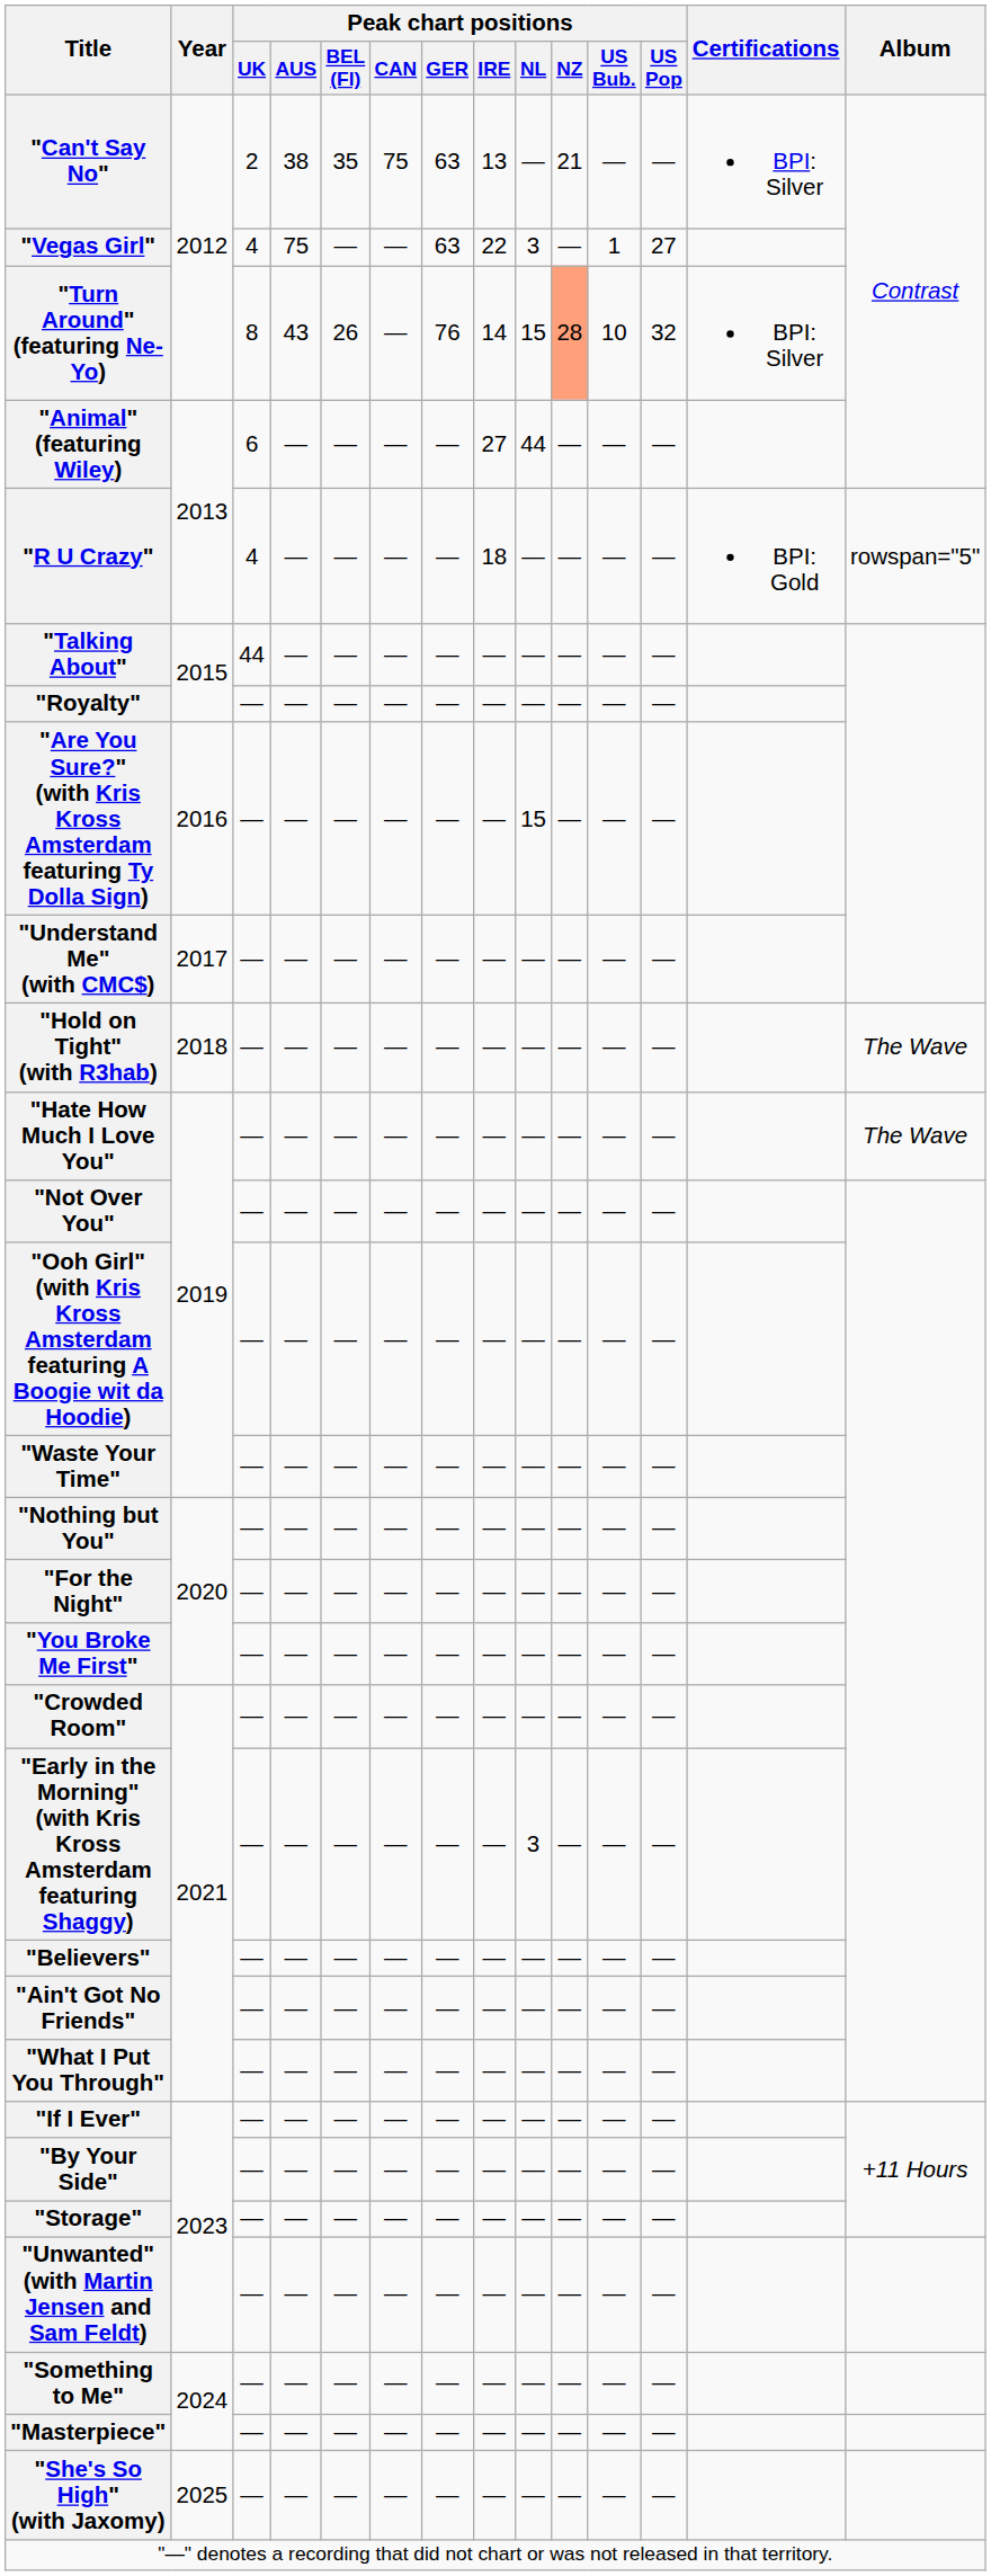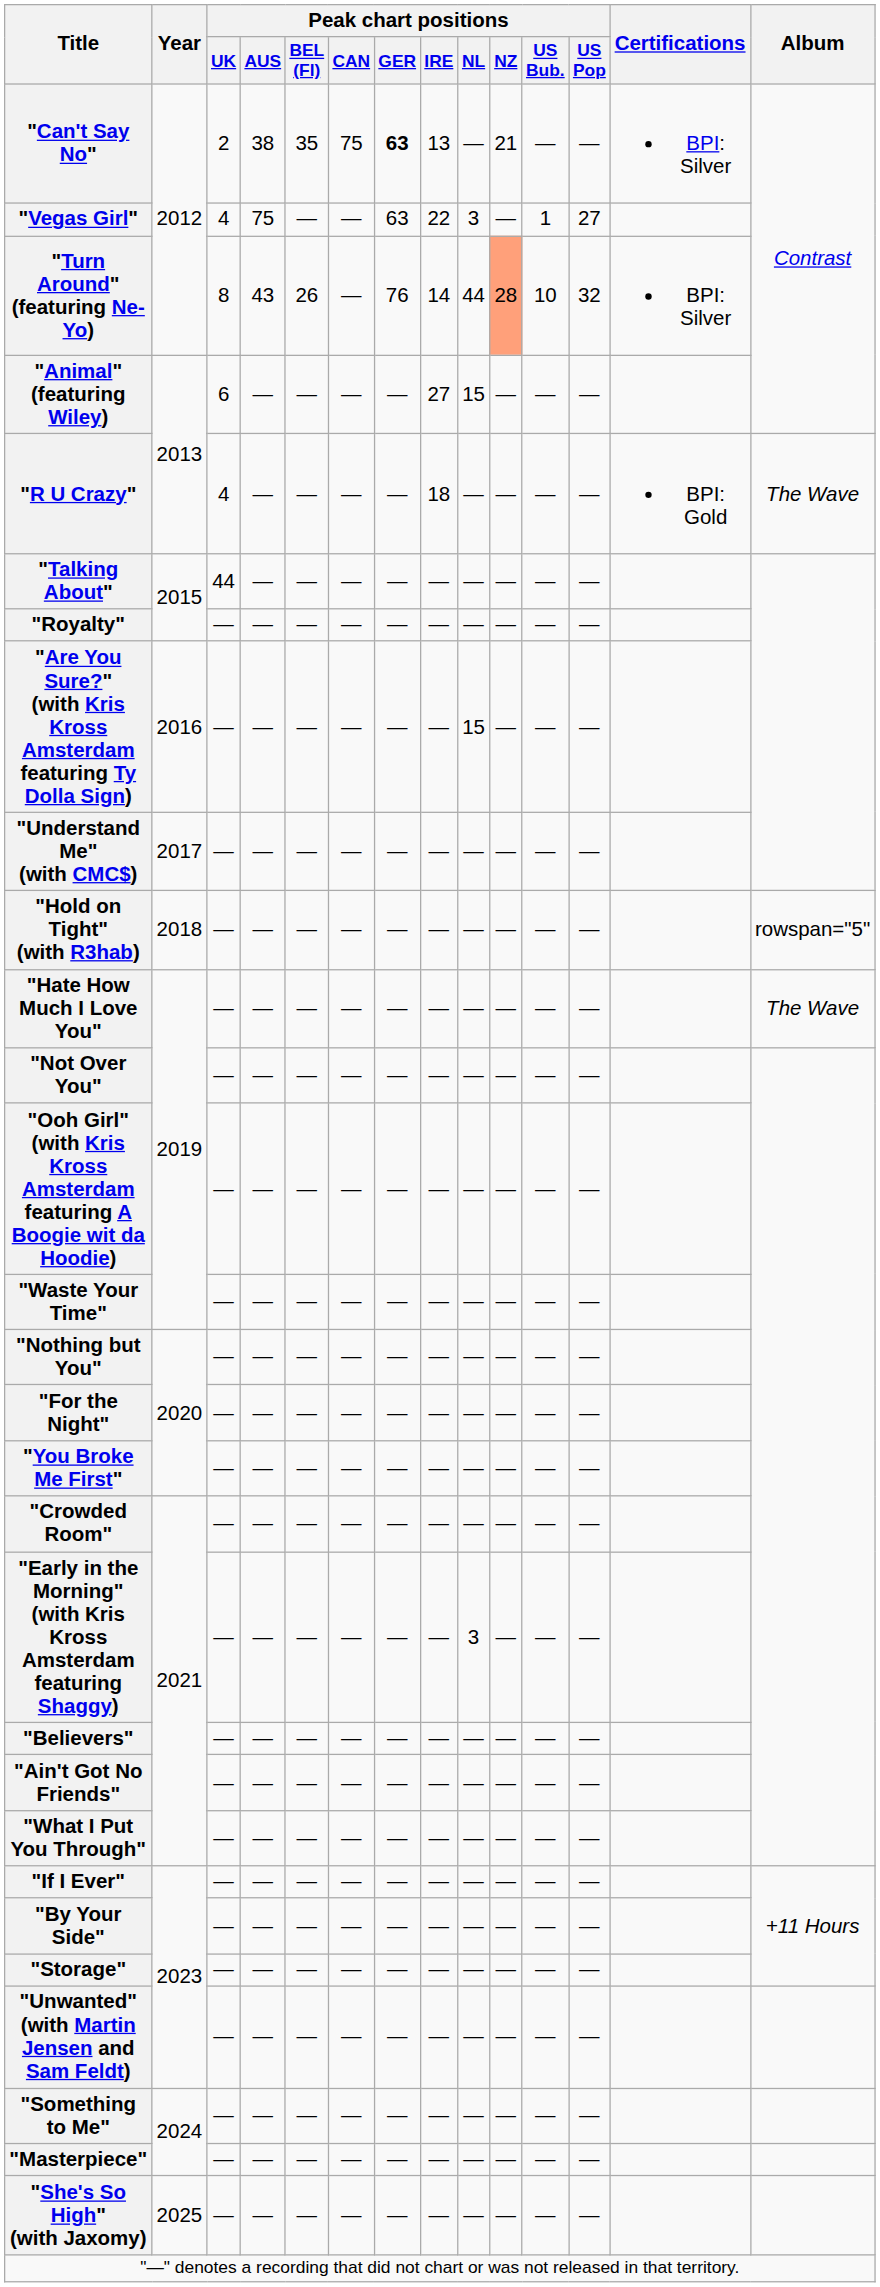 <table class="wikitable plainrowheaders" style="text-align:center;">
 <tr>
 <th scope="col" rowspan="2" style="width:22em;">Title</th>
 <th scope="col" rowspan="2" style="width:1em;">Year</th>
 <th scope="col" colspan="10">Peak chart positions</th>
 <th scope="col" rowspan="2"><a href='#'>Certifications</a></th>
 <th scope="col" rowspan="2">Album</th>
 </tr>
 <tr>
 <th scope="col" style="width:3em;font-size:85%;"><a href='#'>UK</a><br></th>
 <th scope="col" style="width:3em;font-size:85%;"><a href='#'>AUS</a><br></th>
 <th scope="col" style="width:3em;font-size:85%;"><a href='#'>BEL<br>(Fl)</a><br></th>
 <th scope="col" style="width:3em;font-size:85%;"><a href='#'>CAN</a><br></th>
 <th scope="col" style="width:3em;font-size:85%;"><a href='#'>GER</a><br></th>
 <th scope="col" style="width:3em;font-size:85%;"><a href='#'>IRE</a><br></th>
 <th scope="col" style="width:3em;font-size:85%;"><a href='#'>NL</a><br></th>
 <th scope="col" style="width:3em;font-size:85%;"><a href='#'>NZ</a><br></th>
 <th scope="col" style="width:3em;font-size:85%;"><a href='#'>US<br>Bub.</a><br></th>
 <th scope="col" style="width:3em;font-size:85%;"><a href='#'>US<br>Pop</a><br></th>
 </tr>
 <tr>
 <th scope="row">"<a href='#'>Can't Say No</a>"</th>
 <td rowspan="3">2012</td>
 <td>2</td>
 <td>38</td>
 <td>35</td>
 <td>75</td>
-<td>63</td>
+<td><strong>63</strong></td>
 <td>13</td>
 <td>—</td>
 <td>21</td>
 <td>—</td>
 <td>—</td>
 <td><br><ul><li><a href='#'>BPI</a>: Silver</li></ul></td>
 <td rowspan="4"><em><a href='#'>Contrast</a></em></td>
 </tr>
 <tr>
 <th scope="row">"<a href='#'>Vegas Girl</a>"</th>
 <td>4</td>
 <td>75</td>
 <td>—</td>
 <td>—</td>
 <td>63</td>
 <td>22</td>
 <td>3</td>
 <td>—</td>
 <td>1</td>
 <td>27</td>
 <td></td>
 </tr>
 <tr>
 <th scope="row">"<a href='#'>Turn Around</a>"<br><span>(featuring <a href='#'>Ne-Yo</a>)</span></th>
 <td>8</td>
 <td>43</td>
 <td>26</td>
 <td>—</td>
 <td>76</td>
 <td>14</td>
-<td>15</td>
+<td>44</td>
 <td style="background: lightsalmon;">28</td>
 <td>10</td>
 <td>32</td>
 <td><br><ul><li>BPI: Silver</li></ul></td>
 </tr>
 <tr>
 <th scope="row">"<a href='#'>Animal</a>"<br><span>(featuring <a href='#'>Wiley</a>)</span></th>
 <td rowspan="2">2013</td>
 <td>6</td>
 <td>—</td>
 <td>—</td>
 <td>—</td>
 <td>—</td>
 <td>27</td>
-<td>44</td>
+<td>15</td>
 <td>—</td>
 <td>—</td>
 <td>—</td>
 <td></td>
 </tr>
 <tr>
 <th scope="row">"<a href='#'>R U Crazy</a>"</th>
 <td>4</td>
 <td>—</td>
 <td>—</td>
 <td>—</td>
 <td>—</td>
 <td>18</td>
 <td>—</td>
 <td>—</td>
 <td>—</td>
 <td>—</td>
 <td><br><ul><li>BPI: Gold</li></ul></td>
-<td>rowspan="5" </td>
+<td><em>The Wave</em></td>
 </tr>
 <tr>
 <th scope="row">"<a href='#'>Talking About</a>"</th>
 <td rowspan="2">2015</td>
 <td>44</td>
 <td>—</td>
 <td>—</td>
 <td>—</td>
 <td>—</td>
 <td>—</td>
 <td>—</td>
 <td>—</td>
 <td>—</td>
 <td>—</td>
 <td></td>
 </tr>
 <tr>
 <th scope="row">"Royalty"</th>
 <td>—</td>
 <td>—</td>
 <td>—</td>
 <td>—</td>
 <td>—</td>
 <td>—</td>
 <td>—</td>
 <td>—</td>
 <td>—</td>
 <td>—</td>
 <td></td>
 </tr>
 <tr>
 <th scope="row">"<a href='#'>Are You Sure?</a>"<br><span>(with <a href='#'>Kris Kross Amsterdam</a> featuring <a href='#'>Ty Dolla Sign</a>)</span></th>
 <td>2016</td>
 <td>—</td>
 <td>—</td>
 <td>—</td>
 <td>—</td>
 <td>—</td>
 <td>—</td>
 <td>15</td>
 <td>—</td>
 <td>—</td>
 <td>—</td>
 <td></td>
 </tr>
 <tr>
 <th scope="row">"Understand Me"<br><span>(with <a href='#'>CMC$</a>)</span></th>
 <td>2017</td>
 <td>—</td>
 <td>—</td>
 <td>—</td>
 <td>—</td>
 <td>—</td>
 <td>—</td>
 <td>—</td>
 <td>—</td>
 <td>—</td>
 <td>—</td>
 <td></td>
 </tr>
 <tr>
 <th scope="row">"Hold on Tight" <br><span>(with <a href='#'>R3hab</a>)</span></th>
 <td>2018</td>
 <td>—</td>
 <td>—</td>
 <td>—</td>
 <td>—</td>
 <td>—</td>
 <td>—</td>
 <td>—</td>
 <td>—</td>
 <td>—</td>
 <td>—</td>
 <td></td>
-<td><em>The Wave</em></td>
+<td>rowspan="5" </td>
 </tr>
 <tr>
 <th scope="row">"Hate How Much I Love You"</th>
 <td rowspan="4">2019</td>
 <td>—</td>
 <td>—</td>
 <td>—</td>
 <td>—</td>
 <td>—</td>
 <td>—</td>
 <td>—</td>
 <td>—</td>
 <td>—</td>
 <td>—</td>
 <td></td>
 <td><em>The Wave</em></td>
 </tr>
 <tr>
 <th scope="row">"Not Over You"</th>
 <td>—</td>
 <td>—</td>
 <td>—</td>
 <td>—</td>
 <td>—</td>
 <td>—</td>
 <td>—</td>
 <td>—</td>
 <td>—</td>
 <td>—</td>
 <td></td>
 </tr>
 <tr>
 <th scope="row">"Ooh Girl" <br><span>(with <a href='#'>Kris Kross Amsterdam</a> featuring <a href='#'>A Boogie wit da Hoodie</a>)</span></th>
 <td>—</td>
 <td>—</td>
 <td>—</td>
 <td>—</td>
 <td>—</td>
 <td>—</td>
 <td>—</td>
 <td>—</td>
 <td>—</td>
 <td>—</td>
 <td></td>
 </tr>
 <tr>
 <th scope="row">"Waste Your Time"</th>
 <td>—</td>
 <td>—</td>
 <td>—</td>
 <td>—</td>
 <td>—</td>
 <td>—</td>
 <td>—</td>
 <td>—</td>
 <td>—</td>
 <td>—</td>
 <td></td>
 </tr>
 <tr>
 <th scope="row">"Nothing but You"</th>
 <td rowspan="3">2020</td>
 <td>—</td>
 <td>—</td>
 <td>—</td>
 <td>—</td>
 <td>—</td>
 <td>—</td>
 <td>—</td>
 <td>—</td>
 <td>—</td>
 <td>—</td>
 <td></td>
 </tr>
 <tr>
 <th scope="row">"For the Night"</th>
 <td>—</td>
 <td>—</td>
 <td>—</td>
 <td>—</td>
 <td>—</td>
 <td>—</td>
 <td>—</td>
 <td>—</td>
 <td>—</td>
 <td>—</td>
 <td></td>
 </tr>
 <tr>
 <th scope="row">"<a href='#'>You Broke Me First</a>"</th>
 <td>—</td>
 <td>—</td>
 <td>—</td>
 <td>—</td>
 <td>—</td>
 <td>—</td>
 <td>—</td>
 <td>—</td>
 <td>—</td>
 <td>—</td>
 <td></td>
 </tr>
 <tr>
 <th scope="row">"Crowded Room"</th>
 <td rowspan="5">2021</td>
 <td>—</td>
 <td>—</td>
 <td>—</td>
 <td>—</td>
 <td>—</td>
 <td>—</td>
 <td>—</td>
 <td>—</td>
 <td>—</td>
 <td>—</td>
 <td></td>
 </tr>
 <tr>
 <th scope="row">"Early in the Morning" <br><span>(with Kris Kross Amsterdam featuring <a href='#'>Shaggy</a>)</span></th>
 <td>—</td>
 <td>—</td>
 <td>—</td>
 <td>—</td>
 <td>—</td>
 <td>—</td>
 <td>3</td>
 <td>—</td>
 <td>—</td>
 <td>—</td>
 <td></td>
 </tr>
 <tr>
 <th scope="row">"Believers"<br></th>
 <td>—</td>
 <td>—</td>
 <td>—</td>
 <td>—</td>
 <td>—</td>
 <td>—</td>
 <td>—</td>
 <td>—</td>
 <td>—</td>
 <td>—</td>
 <td></td>
 </tr>
 <tr>
 <th scope="row">"Ain't Got No Friends"</th>
 <td>—</td>
 <td>—</td>
 <td>—</td>
 <td>—</td>
 <td>—</td>
 <td>—</td>
 <td>—</td>
 <td>—</td>
 <td>—</td>
 <td>—</td>
 <td></td>
 </tr>
 <tr>
 <th scope="row">"What I Put You Through"</th>
 <td>—</td>
 <td>—</td>
 <td>—</td>
 <td>—</td>
 <td>—</td>
 <td>—</td>
 <td>—</td>
 <td>—</td>
 <td>—</td>
 <td>—</td>
 <td></td>
 </tr>
 <tr>
 <th scope="row">"If I Ever"</th>
 <td rowspan="4">2023</td>
 <td>—</td>
 <td>—</td>
 <td>—</td>
 <td>—</td>
 <td>—</td>
 <td>—</td>
 <td>—</td>
 <td>—</td>
 <td>—</td>
 <td>—</td>
 <td></td>
 <td rowspan="3"><em>+11 Hours</em></td>
 </tr>
 <tr>
 <th scope="row">"By Your Side"</th>
 <td>—</td>
 <td>—</td>
 <td>—</td>
 <td>—</td>
 <td>—</td>
 <td>—</td>
 <td>—</td>
 <td>—</td>
 <td>—</td>
 <td>—</td>
 <td></td>
 </tr>
 <tr>
 <th scope="row">"Storage"</th>
 <td>—</td>
 <td>—</td>
 <td>—</td>
 <td>—</td>
 <td>—</td>
 <td>—</td>
 <td>—</td>
 <td>—</td>
 <td>—</td>
 <td>—</td>
 <td></td>
 </tr>
 <tr>
 <th scope="row">"Unwanted"<br><span>(with <a href='#'>Martin Jensen</a> and <a href='#'>Sam Feldt</a>)</span></th>
 <td>—</td>
 <td>—</td>
 <td>—</td>
 <td>—</td>
 <td>—</td>
 <td>—</td>
 <td>—</td>
 <td>—</td>
 <td>—</td>
 <td>—</td>
 <td></td>
 <td></td>
 </tr>
 <tr>
 <th scope="row">"Something to Me"</th>
 <td rowspan="2">2024</td>
 <td>—</td>
 <td>—</td>
 <td>—</td>
 <td>—</td>
 <td>—</td>
 <td>—</td>
 <td>—</td>
 <td>—</td>
 <td>—</td>
 <td>—</td>
 <td></td>
 <td></td>
 </tr>
 <tr>
 <th scope="row">"Masterpiece"</th>
 <td>—</td>
 <td>—</td>
 <td>—</td>
 <td>—</td>
 <td>—</td>
 <td>—</td>
 <td>—</td>
 <td>—</td>
 <td>—</td>
 <td>—</td>
 <td></td>
 <td></td>
 </tr>
 <tr>
 <th scope="row">"<a href='#'>She's So High</a>"<br><span>(with Jaxomy)</span></th>
 <td>2025</td>
 <td>—</td>
 <td>—</td>
 <td>—</td>
 <td>—</td>
 <td>—</td>
 <td>—</td>
 <td>—</td>
 <td>—</td>
 <td>—</td>
 <td>—</td>
 <td></td>
 <td></td>
 </tr>
 <tr>
 <td colspan="20" style="text-align:center; font-size:85%;">"—" denotes a recording that did not chart or was not released in that territory.</td>
 </tr>
 </table>
